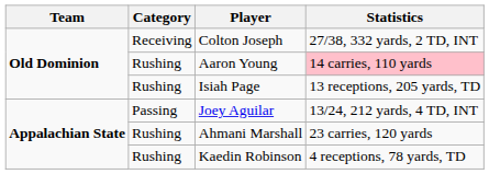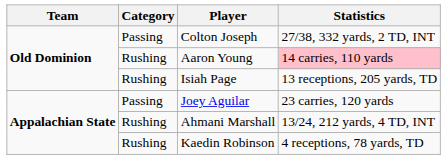 <table class="wikitable" style="float: right;">
 <tr>
 <th>Team</th>
 <th>Category</th>
 <th>Player</th>
 <th>Statistics</th>
 </tr>
 <tr>
 <td rowspan=3><strong>Old Dominion</strong></td>
-<td>Receiving</td>
+<td>Passing</td>
 <td>Colton Joseph</td>
 <td>27/38, 332 yards, 2 TD, INT</td>
 </tr>
 <tr>
 <td>Rushing</td>
 <td>Aaron Young</td>
 <td style="background: pink;">14 carries, 110 yards</td>
 </tr>
 <tr>
 <td>Rushing</td>
 <td>Isiah Page</td>
 <td>13 receptions, 205 yards, TD</td>
 </tr>
 <tr>
 <td rowspan=3><strong>Appalachian State</strong></td>
 <td>Passing</td>
 <td><a href='#'>Joey Aguilar</a></td>
-<td>13/24, 212 yards, 4 TD, INT</td>
+<td>23 carries, 120 yards</td>
 </tr>
 <tr>
 <td>Rushing</td>
 <td>Ahmani Marshall</td>
-<td>23 carries, 120 yards</td>
+<td>13/24, 212 yards, 4 TD, INT</td>
 </tr>
 <tr>
 <td>Rushing</td>
 <td>Kaedin Robinson</td>
 <td>4 receptions, 78 yards, TD</td>
 </tr>
 </table>
